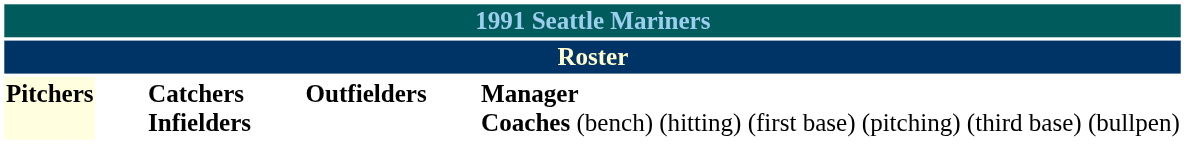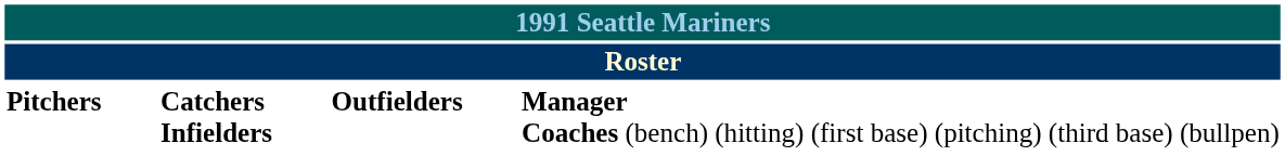 <table class="toccolours" style="font-size: 95%;">
 <tr>
 <th colspan="10" style="background-color: #005c5c; color:#9ECEEE; text-align: center;">1991 Seattle Mariners</th>
 </tr>
 <tr>
 <td colspan="10" style="background-color: #003366; color: #FFFDD0; text-align: center;"><strong>Roster</strong></td>
 </tr>
 <tr>
-<td valign="top" style="background: lightyellow;"><strong>Pitchers</strong><br>                </td>
+<td valign="top"><strong>Pitchers</strong><br>                </td>
 <td width="25px"></td>
 <td valign="top"><strong>Catchers</strong><br>    <strong>Infielders</strong>        </td>
 <td width="25px"></td>
 <td valign="top"><strong>Outfielders</strong><br>        </td>
 <td width="25px"></td>
 <td valign="top"><strong>Manager</strong><br> <strong>Coaches</strong>  (bench)  (hitting)  (first base)  (pitching)  (third base)  (bullpen)</td>
 </tr>
 </table>
